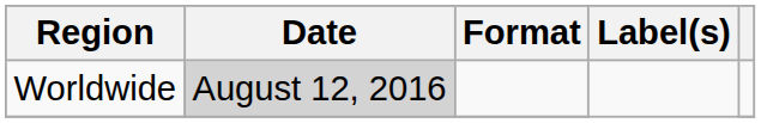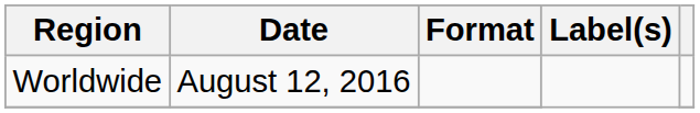 <table class="wikitable plainrowheaders">
 <tr>
 <th scope="col">Region</th>
 <th scope="col">Date</th>
 <th scope="col">Format</th>
 <th scope="col">Label(s)</th>
 <th scope="col"></th>
 </tr>
 <tr>
 <td>Worldwide</td>
-<td style="background: lightgrey;">August 12, 2016</td>
+<td>August 12, 2016</td>
 <td></td>
 <td rowspan="2"></td>
 <td style="text-align:center;"></td>
 </tr>
 <tr>
 </tr>
 </table>
